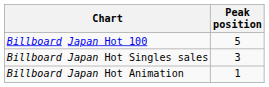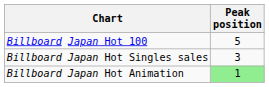 <table class="wikitable sortable" style="text-align:center;">
 <tr>
 <th>Chart</th>
 <th>Peak<br>position</th>
 </tr>
 <tr>
 <td align="left"><em><a href='#'>Billboard</a></em> <a href='#'><em>Japan</em> Hot 100</a></td>
 <td>5</td>
 </tr>
 <tr>
 <td align="left"><em>Billboard Japan</em> Hot Singles sales</td>
 <td>3</td>
 </tr>
 <tr>
 <td align="left"><em>Billboard Japan</em> Hot Animation</td>
-<td>1</td>
+<td style="background: lightgreen;">1</td>
 </tr>
 </table>
